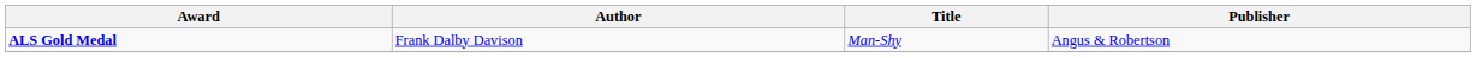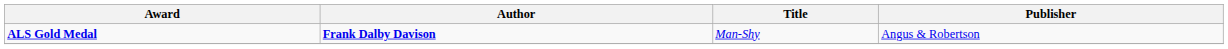 <table class="wikitable" width=100%>
 <tr>
 <th>Award</th>
 <th>Author</th>
 <th>Title</th>
 <th>Publisher</th>
 </tr>
 <tr>
 <td><strong><a href='#'>ALS Gold Medal</a></strong></td>
-<td><a href='#'>Frank Dalby Davison</a></td>
+<td><strong><a href='#'>Frank Dalby Davison</a></strong></td>
 <td><em><a href='#'>Man-Shy</a></em></td>
 <td><a href='#'>Angus & Robertson</a></td>
 </tr>
 <tr>
 </tr>
 </table>
